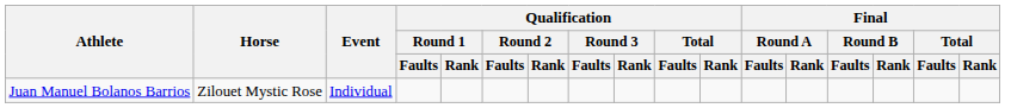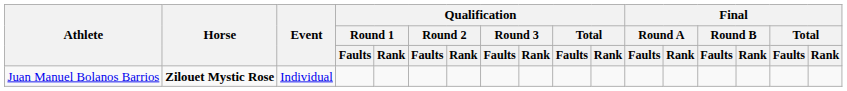 <table class=wikitable style=font-size:90%;text-align:center>
 <tr>
 <th rowspan=3>Athlete</th>
 <th rowspan=3>Horse</th>
 <th rowspan=3>Event</th>
 <th colspan=8>Qualification</th>
 <th colspan=6>Final</th>
 </tr>
 <tr style=font-size:95%>
 <th colspan=2>Round 1</th>
 <th colspan=2>Round 2</th>
 <th colspan=2>Round 3</th>
 <th colspan=2>Total</th>
 <th colspan=2>Round A</th>
 <th colspan=2>Round B</th>
 <th colspan=2>Total</th>
 </tr>
 <tr style=font-size:95%>
 <th>Faults</th>
 <th>Rank</th>
 <th>Faults</th>
 <th>Rank</th>
 <th>Faults</th>
 <th>Rank</th>
 <th>Faults</th>
 <th>Rank</th>
 <th>Faults</th>
 <th>Rank</th>
 <th>Faults</th>
 <th>Rank</th>
 <th>Faults</th>
 <th>Rank</th>
 </tr>
 <tr>
 <td align=left><a href='#'>Juan Manuel Bolanos Barrios</a></td>
-<td align=left>Zilouet Mystic Rose</td>
+<td align=left><strong>Zilouet Mystic Rose</strong></td>
 <td align=left rowspan=4><a href='#'>Individual</a></td>
 <td></td>
 <td></td>
 <td></td>
 <td></td>
 <td></td>
 <td></td>
 <td></td>
 <td></td>
 <td></td>
 <td></td>
 <td></td>
 <td></td>
 <td></td>
 <td></td>
 </tr>
 </table>
